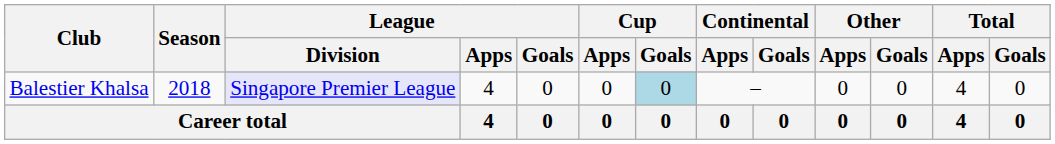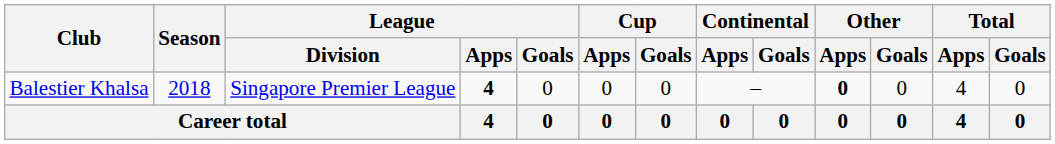 <table class="wikitable" style="text-align: center">
 <tr>
 <th rowspan="2">Club</th>
 <th rowspan="2">Season</th>
 <th colspan="3">League</th>
 <th colspan="2">Cup</th>
 <th colspan="2">Continental</th>
 <th colspan="2">Other</th>
 <th colspan="2">Total</th>
 </tr>
 <tr>
 <th>Division</th>
 <th>Apps</th>
 <th>Goals</th>
 <th>Apps</th>
 <th>Goals</th>
 <th>Apps</th>
 <th>Goals</th>
 <th>Apps</th>
 <th>Goals</th>
 <th>Apps</th>
 <th>Goals</th>
 </tr>
 <tr>
 <td><a href='#'>Balestier Khalsa</a></td>
 <td><a href='#'>2018</a></td>
-<td style="background: lavender;"><a href='#'>Singapore Premier League</a></td>
-<td>4</td>
+<td><a href='#'>Singapore Premier League</a></td>
+<td><strong>4</strong></td>
 <td>0</td>
 <td>0</td>
-<td style="background: lightblue;">0</td>
+<td>0</td>
 <td colspan="2">–</td>
-<td>0</td>
+<td><strong>0</strong></td>
 <td>0</td>
 <td>4</td>
 <td>0</td>
 </tr>
 <tr>
 <th colspan=3>Career total</th>
 <th>4</th>
 <th>0</th>
 <th>0</th>
 <th>0</th>
 <th>0</th>
 <th>0</th>
 <th>0</th>
 <th>0</th>
 <th>4</th>
 <th>0</th>
 </tr>
 </table>
